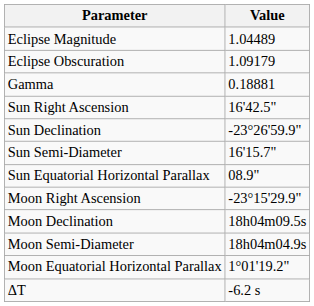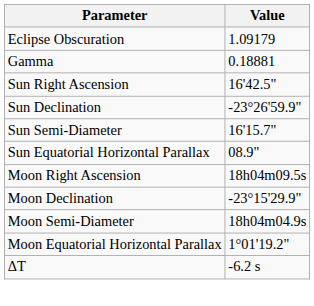 <table class="wikitable">
 <tr>
 <th>Parameter</th>
 <th>Value</th>
-</tr>
-<tr>
-<td>Eclipse Magnitude</td>
-<td>1.04489</td>
 </tr>
 <tr>
 <td>Eclipse Obscuration</td>
 <td>1.09179</td>
 </tr>
 <tr>
 <td>Gamma</td>
 <td>0.18881</td>
 </tr>
 <tr>
 <td>Sun Right Ascension</td>
 <td>16'42.5"</td>
 </tr>
 <tr>
 <td>Sun Declination</td>
 <td>-23°26'59.9"</td>
 </tr>
 <tr>
 <td>Sun Semi-Diameter</td>
 <td>16'15.7"</td>
 </tr>
 <tr>
 <td>Sun Equatorial Horizontal Parallax</td>
 <td>08.9"</td>
 </tr>
 <tr>
 <td>Moon Right Ascension</td>
-<td>-23°15'29.9"</td>
+<td>18h04m09.5s</td>
 </tr>
 <tr>
 <td>Moon Declination</td>
-<td>18h04m09.5s</td>
+<td>-23°15'29.9"</td>
 </tr>
 <tr>
 <td>Moon Semi-Diameter</td>
 <td>18h04m04.9s</td>
 </tr>
 <tr>
 <td>Moon Equatorial Horizontal Parallax</td>
 <td>1°01'19.2"</td>
 </tr>
 <tr>
 <td>ΔT</td>
 <td>-6.2 s</td>
 </tr>
 </table>
